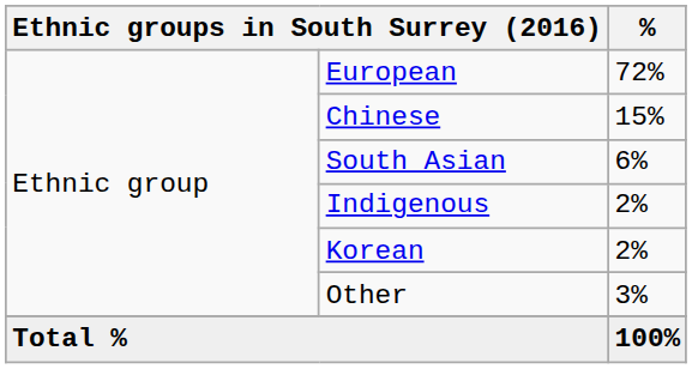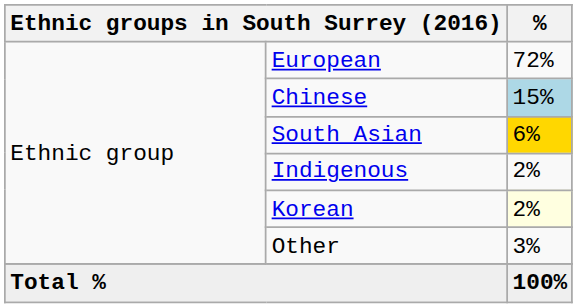 <table class="wikitable">
 <tr>
 <th colspan=2>Ethnic groups in South Surrey (2016)</th>
 <th>%</th>
 </tr>
 <tr>
 <td rowspan=6>Ethnic group</td>
 <td><a href='#'>European</a></td>
 <td>72%</td>
 </tr>
 <tr>
 <td><a href='#'>Chinese</a></td>
-<td>15%</td>
+<td style="background: lightblue;">15%</td>
 </tr>
 <tr>
 <td><a href='#'>South Asian</a></td>
-<td>6%</td>
+<td style="background: gold;">6%</td>
 </tr>
 <tr>
 <td><a href='#'>Indigenous</a></td>
 <td>2%</td>
 </tr>
 <tr>
 <td><a href='#'>Korean</a></td>
-<td>2%</td>
+<td style="background: lightyellow;">2%</td>
 </tr>
 <tr>
 <td>Other</td>
 <td>3%</td>
 </tr>
 <tr>
 </tr>
 <tr style="background:#efefef; font-weight:bold">
 <td colspan=2>Total %</td>
 <td>100%</td>
 </tr>
 </table>
